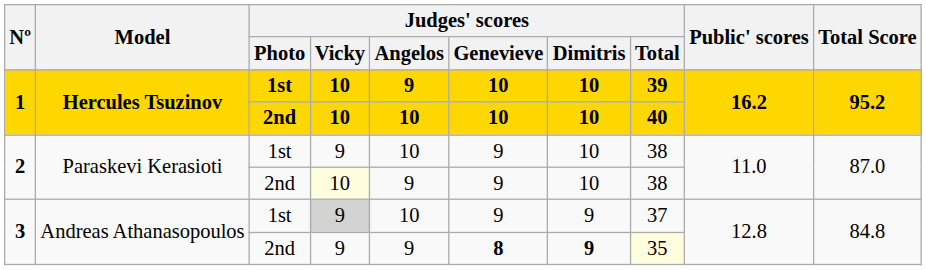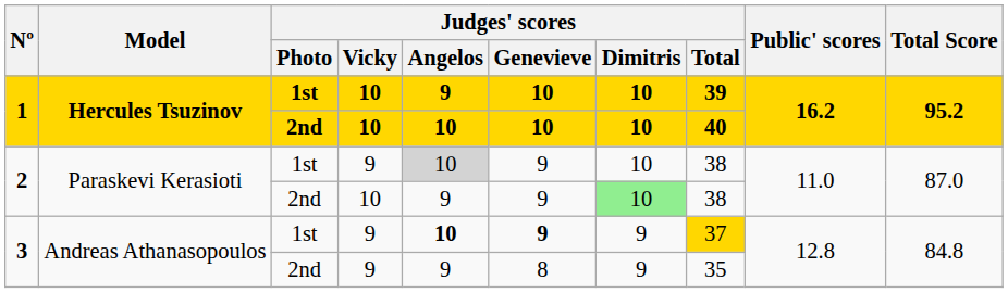 <table class="wikitable" style="text-align:center;">
 <tr>
 <th rowspan="2">Nº</th>
 <th rowspan="2">Model</th>
 <th colspan="6">Judges' scores</th>
 <th rowspan="2">Public' scores</th>
 <th rowspan="2">Total Score</th>
 </tr>
 <tr>
 <th>Photo</th>
 <th>Vicky</th>
 <th>Angelos</th>
 <th>Genevieve</th>
 <th>Dimitris</th>
 <th>Total</th>
 </tr>
 <tr>
 <th rowspan="2" style="background:gold">1</th>
 <th rowspan="2" style="background:gold">Hercules Tsuzinov</th>
 <th style="background:gold">1st</th>
 <th style="background:gold">10</th>
 <th style="background:gold">9</th>
 <th style="background:gold">10</th>
 <th style="background:gold">10</th>
 <th style="background:gold">39</th>
 <th rowspan="2" style="background:gold">16.2</th>
 <th rowspan="2" style="background:gold">95.2</th>
 </tr>
 <tr>
 <th style="background:gold">2nd</th>
 <th style="background:gold">10</th>
 <th style="background:gold">10</th>
 <th style="background:gold">10</th>
 <th style="background:gold">10</th>
 <th style="background:gold">40</th>
 </tr>
 <tr>
 <td rowspan="2"><strong>2</strong></td>
 <td rowspan="2">Paraskevi Kerasioti</td>
 <td>1st</td>
 <td>9</td>
-<td>10</td>
+<td style="background: lightgrey;">10</td>
 <td>9</td>
 <td>10</td>
 <td>38</td>
 <td rowspan="2">11.0</td>
 <td rowspan="2">87.0</td>
 </tr>
 <tr>
 <td>2nd</td>
-<td style="background: lightyellow;">10</td>
+<td>10</td>
 <td>9</td>
 <td>9</td>
-<td>10</td>
+<td style="background: lightgreen;">10</td>
 <td>38</td>
 </tr>
 <tr>
 <td rowspan="2"><strong>3</strong></td>
 <td rowspan="2">Andreas Athanasopoulos</td>
 <td>1st</td>
-<td style="background: lightgrey;">9</td>
-<td>10</td>
 <td>9</td>
+<td><strong>10</strong></td>
+<td><strong>9</strong></td>
 <td>9</td>
-<td>37</td>
+<td style="background: gold;">37</td>
 <td rowspan="2">12.8</td>
 <td rowspan="2">84.8</td>
 </tr>
 <tr>
 <td>2nd</td>
 <td>9</td>
 <td>9</td>
-<td><strong>8</strong></td>
-<td><strong>9</strong></td>
-<td style="background: lightyellow;">35</td>
+<td>8</td>
+<td>9</td>
+<td>35</td>
 </tr>
 </table>
